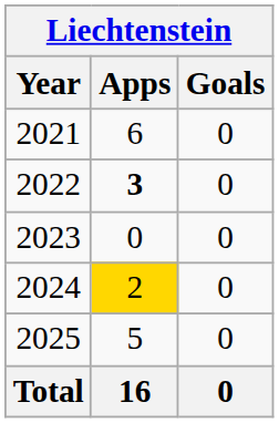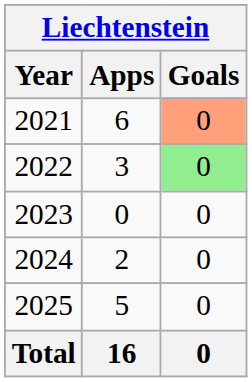 <table class="wikitable" style="text-align:center">
 <tr>
 <th colspan="5"><a href='#'>Liechtenstein</a></th>
 </tr>
 <tr>
 <th>Year</th>
 <th>Apps</th>
 <th>Goals</th>
 </tr>
 <tr>
 <td>2021</td>
 <td>6</td>
-<td>0</td>
+<td style="background: lightsalmon;">0</td>
 </tr>
 <tr>
 <td>2022</td>
-<td><strong>3</strong></td>
-<td>0</td>
+<td>3</td>
+<td style="background: lightgreen;">0</td>
 </tr>
 <tr>
 <td>2023</td>
 <td>0</td>
 <td>0</td>
 </tr>
 <tr>
 <td>2024</td>
-<td style="background: gold;">2</td>
+<td>2</td>
 <td>0</td>
 </tr>
 <tr>
 <td>2025</td>
 <td>5</td>
 <td>0</td>
 </tr>
 <tr>
 <th colspan="1">Total</th>
 <th>16</th>
 <th>0</th>
 </tr>
 </table>
